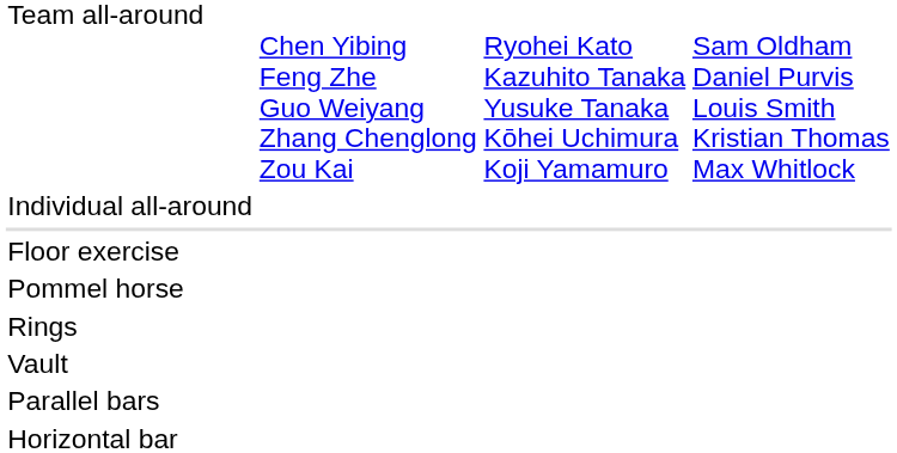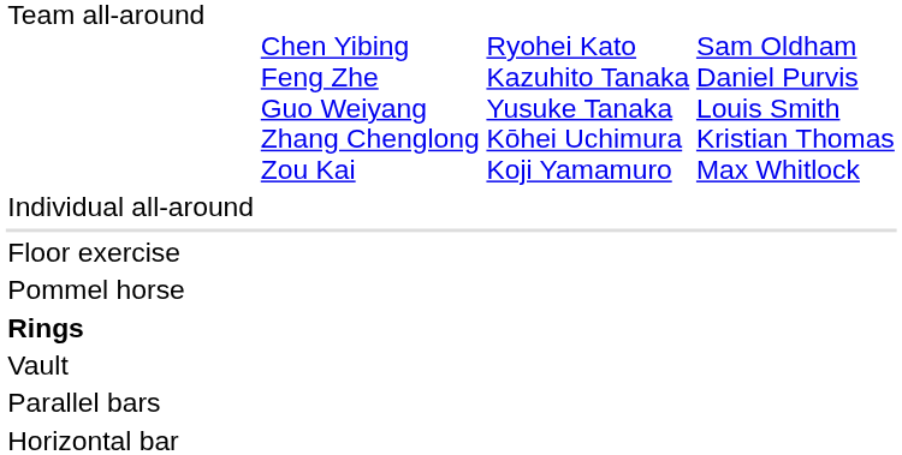 <table>
 <tr valign="top">
 <td>Team all-around<br></td>
 <td><br><a href='#'>Chen Yibing</a><br><a href='#'>Feng Zhe</a><br><a href='#'>Guo Weiyang</a><br><a href='#'>Zhang Chenglong</a><br><a href='#'>Zou Kai</a></td>
 <td><br><a href='#'>Ryohei Kato</a><br><a href='#'>Kazuhito Tanaka</a><br><a href='#'>Yusuke Tanaka</a><br><a href='#'>Kōhei Uchimura</a><br><a href='#'>Koji Yamamuro</a></td>
 <td><br><a href='#'>Sam Oldham</a><br><a href='#'>Daniel Purvis</a><br><a href='#'>Louis Smith</a><br><a href='#'>Kristian Thomas</a><br><a href='#'>Max Whitlock</a></td>
 </tr>
 <tr valign="top">
 <td>Individual all-around<br></td>
 <td></td>
 <td></td>
 <td></td>
 </tr>
 <tr bgcolor=#DDDDDD>
 <td colspan=7></td>
 </tr>
 <tr>
 <td>Floor exercise <br></td>
 <td></td>
 <td></td>
 <td></td>
 </tr>
 <tr>
 <td>Pommel horse<br></td>
 <td></td>
 <td></td>
 <td></td>
 </tr>
 <tr>
-<td>Rings<br></td>
+<td><strong>Rings<br></strong></td>
 <td></td>
 <td></td>
 <td></td>
 </tr>
 <tr>
 <td>Vault<br></td>
 <td></td>
 <td></td>
 <td></td>
 </tr>
 <tr>
 <td>Parallel bars<br></td>
 <td></td>
 <td></td>
 <td></td>
 </tr>
 <tr>
 <td>Horizontal bar<br></td>
 <td></td>
 <td></td>
 <td></td>
 </tr>
 </table>
